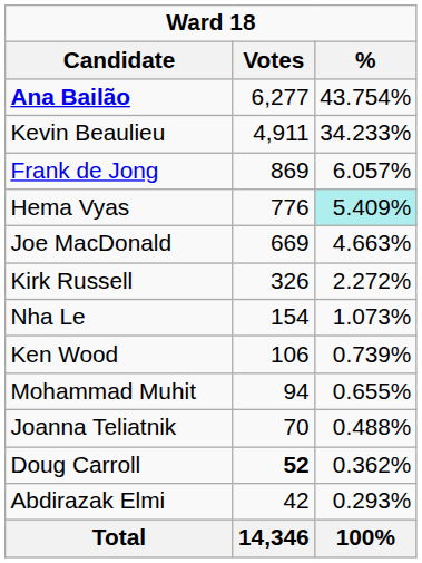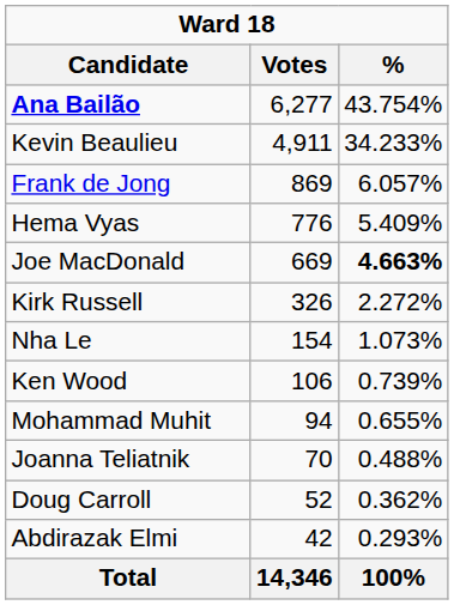 <table class="wikitable">
 <tr>
 <td Colspan="3" align="center"><strong>Ward 18</strong></td>
 </tr>
 <tr>
 <th bgcolor="#DDDDFF" width="150px">Candidate</th>
 <th bgcolor="#DDDDFF">Votes</th>
 <th bgcolor="#DDDDFF">%</th>
 </tr>
 <tr>
 <td><strong><a href='#'>Ana Bailão</a></strong></td>
 <td align=right>6,277</td>
 <td align=right>43.754%</td>
 </tr>
 <tr>
 <td>Kevin Beaulieu</td>
 <td align=right>4,911</td>
 <td align=right>34.233%</td>
 </tr>
 <tr>
 <td><a href='#'>Frank de Jong</a></td>
 <td align=right>869</td>
 <td align=right>6.057%</td>
 </tr>
 <tr>
 <td>Hema Vyas</td>
 <td align=right>776</td>
-<td align=right style="background: paleturquoise;">5.409%</td>
+<td align=right>5.409%</td>
 </tr>
 <tr>
 <td>Joe MacDonald</td>
 <td align=right>669</td>
-<td align=right>4.663%</td>
+<td align=right><strong>4.663%</strong></td>
 </tr>
 <tr>
 <td>Kirk Russell</td>
 <td align=right>326</td>
 <td align=right>2.272%</td>
 </tr>
 <tr>
 <td>Nha Le</td>
 <td align=right>154</td>
 <td align=right>1.073%</td>
 </tr>
 <tr>
 <td>Ken Wood</td>
 <td align=right>106</td>
 <td align=right>0.739%</td>
 </tr>
 <tr>
 <td>Mohammad Muhit</td>
 <td align=right>94</td>
 <td align=right>0.655%</td>
 </tr>
 <tr>
 <td>Joanna Teliatnik</td>
 <td align=right>70</td>
 <td align=right>0.488%</td>
 </tr>
 <tr>
 <td>Doug Carroll</td>
-<td align=right><strong>52</strong></td>
+<td align=right>52</td>
 <td align=right>0.362%</td>
 </tr>
 <tr>
 <td>Abdirazak Elmi</td>
 <td align=right>42</td>
 <td align=right>0.293%</td>
 </tr>
 <tr>
 <th>Total</th>
 <th align=right>14,346</th>
 <th align=right>100%</th>
 </tr>
 </table>
